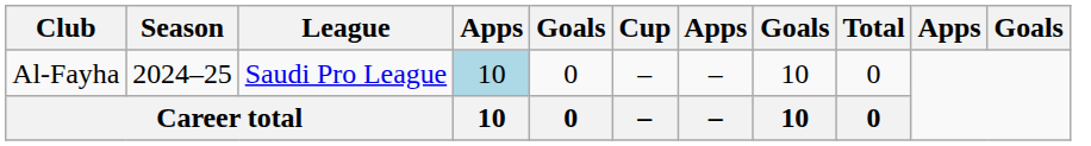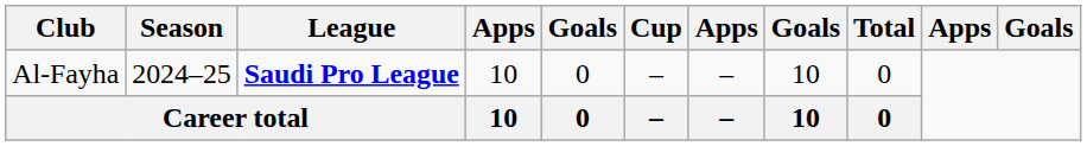 <table class="wikitable" style="text-align: center">
 <tr>
 <th>Club</th>
 <th>Season</th>
 <th>League</th>
 <th>Apps</th>
 <th>Goals</th>
 <th>Cup</th>
 <th>Apps</th>
 <th>Goals</th>
 <th>Total</th>
 <th>Apps</th>
 <th>Goals</th>
 </tr>
 <tr>
 <td rowspan="1">Al-Fayha</td>
 <td>2024–25</td>
-<td><a href='#'>Saudi Pro League</a></td>
-<td style="background: lightblue;">10</td>
+<td><strong><a href='#'>Saudi Pro League</a></strong></td>
+<td>10</td>
 <td>0</td>
 <td>–</td>
 <td>–</td>
 <td>10</td>
 <td>0</td>
 </tr>
 <tr>
 <th colspan="3">Career total</th>
 <th>10</th>
 <th>0</th>
 <th>–</th>
 <th>–</th>
 <th>10</th>
 <th>0</th>
 </tr>
 </table>
